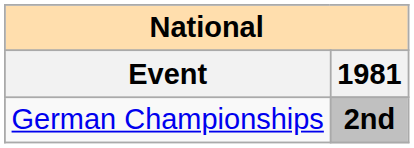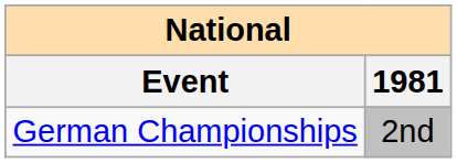 <table class="wikitable" style="text-align:center">
 <tr>
 <th style="background-color: #ffdead; " colspan=2 align=center><strong>National</strong></th>
 </tr>
 <tr>
 <th>Event</th>
 <th>1981</th>
 </tr>
 <tr>
 <td align=left><a href='#'>German Championships</a></td>
-<td bgcolor=silver><strong>2nd</strong></td>
+<td bgcolor=silver>2nd</td>
 </tr>
 </table>
